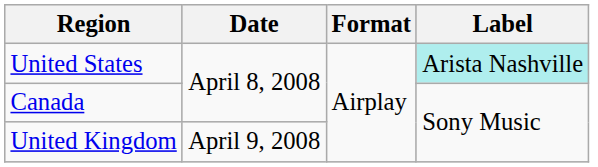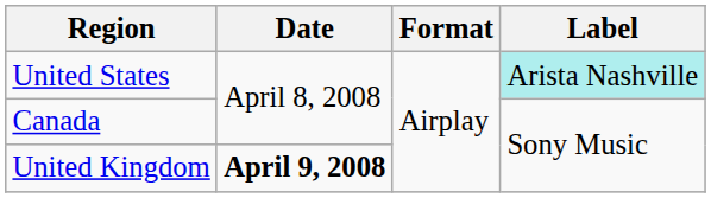 <table class="wikitable">
 <tr>
 <th>Region</th>
 <th>Date</th>
 <th>Format</th>
 <th>Label</th>
 </tr>
 <tr>
 <td><a href='#'>United States</a></td>
 <td rowspan="2">April 8, 2008</td>
 <td rowspan="3">Airplay</td>
 <td style="background: paleturquoise;">Arista Nashville</td>
 </tr>
 <tr>
 <td><a href='#'>Canada</a></td>
 <td rowspan="2">Sony Music</td>
 </tr>
 <tr>
 <td><a href='#'>United Kingdom</a></td>
-<td>April 9, 2008</td>
+<td><strong>April 9, 2008</strong></td>
 </tr>
 </table>
